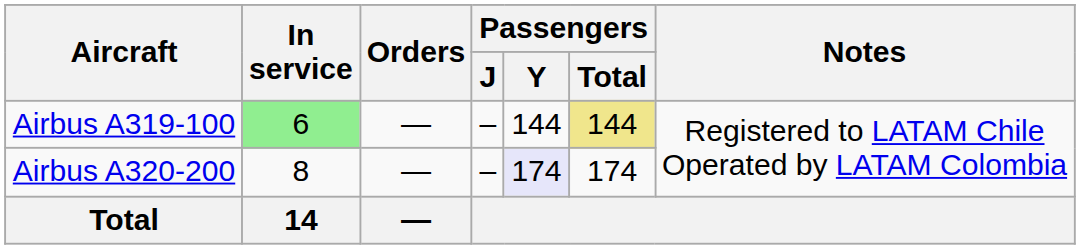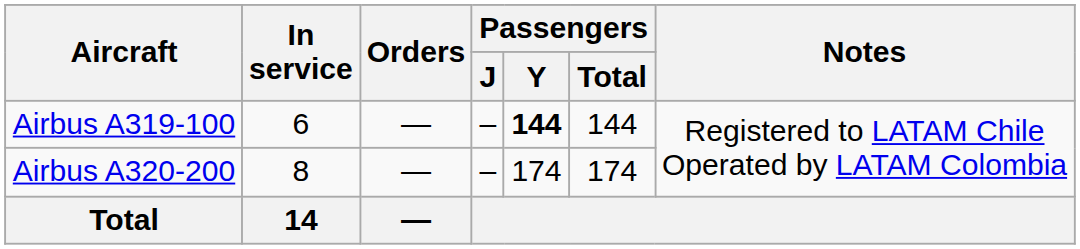 <table class="wikitable" style="text-align:center; margin:0.5em auto">
 <tr>
 <th rowspan=2>Aircraft</th>
 <th rowspan=2>In<br>service</th>
 <th rowspan=2>Orders</th>
 <th colspan=3>Passengers</th>
 <th rowspan=2>Notes</th>
 </tr>
 <tr>
 <th><abbr>J</abbr></th>
 <th><abbr>Y</abbr></th>
 <th>Total</th>
 </tr>
 <tr>
 <td><a href='#'>Airbus A319-100</a></td>
-<td style="background: lightgreen;">6</td>
+<td>6</td>
 <td>—</td>
 <td>–</td>
+<td><strong>144</strong></td>
 <td>144</td>
-<td style="background: khaki;">144</td>
 <td Rowspan=2>Registered to <a href='#'>LATAM Chile</a><br>Operated by <a href='#'>LATAM Colombia</a></td>
 </tr>
 <tr>
 <td><a href='#'>Airbus A320-200</a></td>
 <td>8</td>
 <td>—</td>
 <td>–</td>
-<td style="background: lavender;">174</td>
+<td>174</td>
 <td>174</td>
 </tr>
 <tr>
 <th>Total</th>
 <th>14</th>
 <th>—</th>
 <th colspan=4></th>
 </tr>
 </table>
